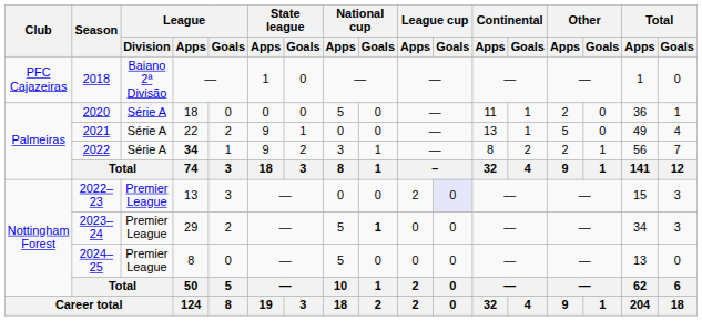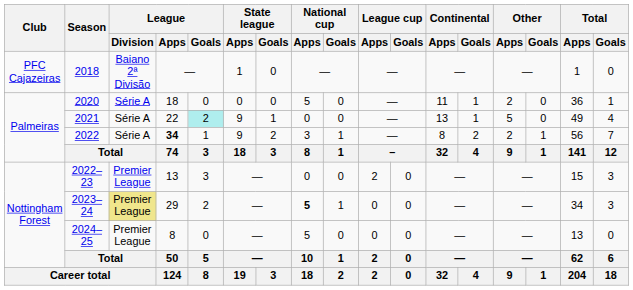 <table class="wikitable" style="text-align: center">
 <tr>
 <th rowspan="2">Club</th>
 <th rowspan="2">Season</th>
 <th colspan="3">League</th>
 <th colspan="2">State league</th>
 <th colspan="2">National cup</th>
 <th colspan="2">League cup</th>
 <th colspan="2">Continental</th>
 <th colspan="2">Other</th>
 <th colspan="2">Total</th>
 </tr>
 <tr>
 <th>Division</th>
 <th>Apps</th>
 <th>Goals</th>
 <th>Apps</th>
 <th>Goals</th>
 <th>Apps</th>
 <th>Goals</th>
 <th>Apps</th>
 <th>Goals</th>
 <th>Apps</th>
 <th>Goals</th>
 <th>Apps</th>
 <th>Goals</th>
 <th>Apps</th>
 <th>Goals</th>
 </tr>
 <tr>
 <td><a href='#'>PFC Cajazeiras</a></td>
 <td><a href='#'>2018</a></td>
 <td><a href='#'>Baiano 2ª Divisão</a></td>
 <td colspan="2">—</td>
 <td>1</td>
 <td>0</td>
 <td colspan="2">—</td>
 <td colspan="2">—</td>
 <td colspan="2">—</td>
 <td colspan="2">—</td>
 <td>1</td>
 <td>0</td>
 </tr>
 <tr>
 <td rowspan="4"><a href='#'>Palmeiras</a></td>
 <td><a href='#'>2020</a></td>
 <td><a href='#'>Série A</a></td>
 <td>18</td>
 <td>0</td>
 <td>0</td>
 <td>0</td>
 <td>5</td>
 <td>0</td>
 <td colspan="2">—</td>
 <td>11</td>
 <td>1</td>
 <td>2</td>
 <td>0</td>
 <td>36</td>
 <td>1</td>
 </tr>
 <tr>
 <td><a href='#'>2021</a></td>
 <td>Série A</td>
 <td>22</td>
-<td>2</td>
+<td style="background: paleturquoise;">2</td>
 <td>9</td>
 <td>1</td>
 <td>0</td>
 <td>0</td>
 <td colspan="2">—</td>
 <td>13</td>
 <td>1</td>
 <td>5</td>
 <td>0</td>
 <td>49</td>
 <td>4</td>
 </tr>
 <tr>
 <td><a href='#'>2022</a></td>
 <td>Série A</td>
 <td><strong>34</strong></td>
 <td>1</td>
 <td>9</td>
 <td>2</td>
 <td>3</td>
 <td>1</td>
 <td colspan="2">—</td>
 <td>8</td>
 <td>2</td>
 <td>2</td>
 <td>1</td>
 <td>56</td>
 <td>7</td>
 </tr>
 <tr>
 <th colspan="2">Total</th>
 <th>74</th>
 <th>3</th>
 <th>18</th>
 <th>3</th>
 <th>8</th>
 <th>1</th>
 <th colspan="2">–</th>
 <th>32</th>
 <th>4</th>
 <th>9</th>
 <th>1</th>
 <th>141</th>
 <th>12</th>
 </tr>
 <tr>
 <td rowspan="4"><a href='#'>Nottingham Forest</a></td>
 <td><a href='#'>2022–23</a></td>
 <td><a href='#'>Premier League</a></td>
 <td>13</td>
 <td>3</td>
 <td colspan="2">—</td>
 <td>0</td>
 <td>0</td>
 <td>2</td>
-<td style="background: lavender;">0</td>
+<td>0</td>
 <td colspan="2">—</td>
 <td colspan="2">—</td>
 <td>15</td>
 <td>3</td>
 </tr>
 <tr>
 <td><a href='#'>2023–24</a></td>
-<td>Premier League</td>
+<td style="background: khaki;">Premier League</td>
 <td>29</td>
 <td>2</td>
 <td colspan="2">—</td>
-<td>5</td>
-<td><strong>1</strong></td>
+<td><strong>5</strong></td>
+<td>1</td>
 <td>0</td>
 <td>0</td>
 <td colspan="2">—</td>
 <td colspan="2">—</td>
 <td>34</td>
 <td>3</td>
 </tr>
 <tr>
 <td><a href='#'>2024–25</a></td>
 <td>Premier League</td>
 <td>8</td>
 <td>0</td>
 <td colspan="2">—</td>
 <td>5</td>
 <td>0</td>
 <td>0</td>
 <td>0</td>
 <td colspan="2">—</td>
 <td colspan="2">—</td>
 <td>13</td>
 <td>0</td>
 </tr>
 <tr>
 <th colspan="2">Total</th>
 <th>50</th>
 <th>5</th>
 <th colspan="2">—</th>
 <th>10</th>
 <th>1</th>
 <th>2</th>
 <th>0</th>
 <th colspan="2">—</th>
 <th colspan="2">—</th>
 <th>62</th>
 <th>6</th>
 </tr>
 <tr>
 <th colspan="3">Career total</th>
 <th>124</th>
 <th>8</th>
 <th>19</th>
 <th>3</th>
 <th>18</th>
 <th>2</th>
 <th>2</th>
 <th>0</th>
 <th>32</th>
 <th>4</th>
 <th>9</th>
 <th>1</th>
 <th>204</th>
 <th>18</th>
 </tr>
 </table>
